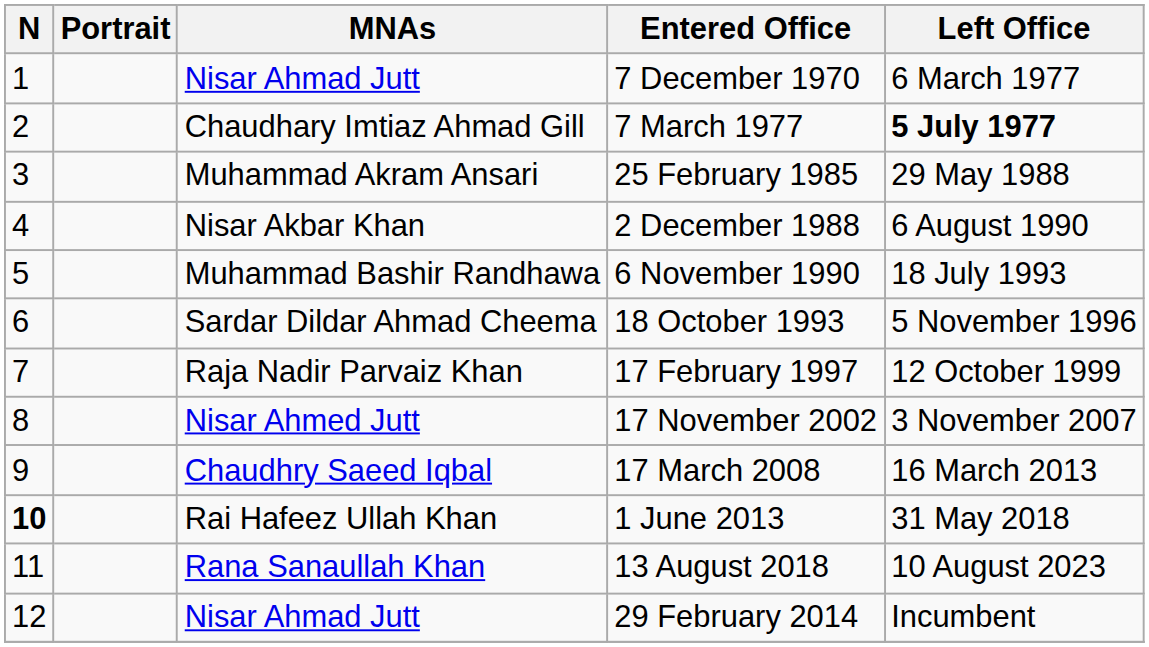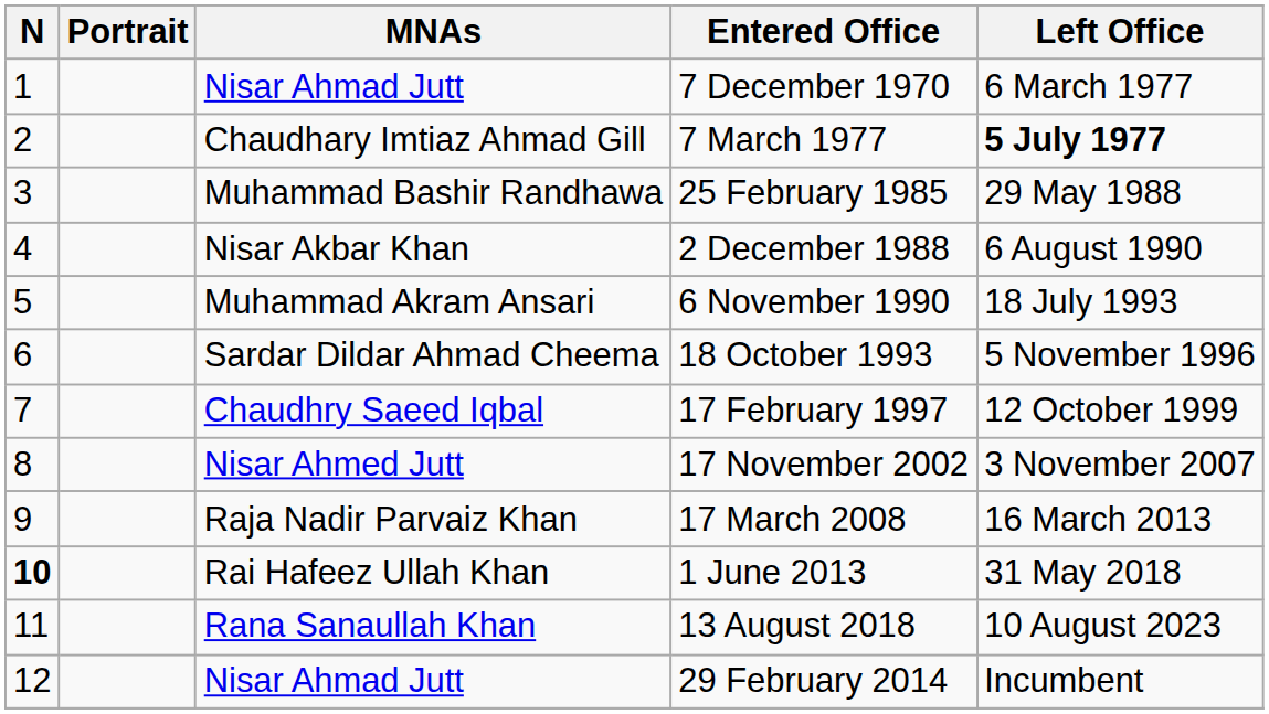 <table class="wikitable">
 <tr>
 <th>N</th>
 <th>Portrait</th>
 <th align=center>MNAs</th>
 <th align=center>Entered Office</th>
 <th align=center>Left Office</th>
 </tr>
 <tr>
 <td>1</td>
 <td></td>
 <td><a href='#'>Nisar Ahmad Jutt</a></td>
 <td>7 December 1970</td>
 <td>6 March 1977</td>
 </tr>
 <tr>
 <td>2</td>
 <td></td>
 <td>Chaudhary Imtiaz Ahmad Gill</td>
 <td>7 March 1977</td>
 <td><strong>5 July 1977</strong></td>
 </tr>
 <tr>
 <td>3</td>
 <td></td>
-<td>Muhammad Akram Ansari</td>
+<td>Muhammad Bashir Randhawa</td>
 <td>25 February 1985</td>
 <td>29 May 1988</td>
 </tr>
 <tr>
 <td>4</td>
 <td></td>
 <td>Nisar Akbar Khan</td>
 <td>2 December 1988</td>
 <td>6 August 1990</td>
 </tr>
 <tr>
 <td>5</td>
 <td></td>
-<td>Muhammad Bashir Randhawa</td>
+<td>Muhammad Akram Ansari</td>
 <td>6 November 1990</td>
 <td>18 July 1993</td>
 </tr>
 <tr>
 <td>6</td>
 <td></td>
 <td>Sardar Dildar Ahmad Cheema</td>
 <td>18 October 1993</td>
 <td>5 November 1996</td>
 </tr>
 <tr>
 <td>7</td>
 <td></td>
-<td>Raja Nadir Parvaiz Khan</td>
+<td><a href='#'>Chaudhry Saeed Iqbal</a></td>
 <td>17 February 1997</td>
 <td>12 October 1999</td>
 </tr>
 <tr>
 <td>8</td>
 <td></td>
 <td><a href='#'>Nisar Ahmed Jutt</a></td>
 <td>17 November 2002</td>
 <td>3 November 2007</td>
 </tr>
 <tr>
 <td>9</td>
 <td></td>
-<td><a href='#'>Chaudhry Saeed Iqbal</a></td>
+<td>Raja Nadir Parvaiz Khan</td>
 <td>17 March 2008</td>
 <td>16 March 2013</td>
 </tr>
 <tr>
 <td><strong>10</strong></td>
 <td></td>
 <td>Rai Hafeez Ullah Khan</td>
 <td>1 June 2013</td>
 <td>31 May 2018</td>
 </tr>
 <tr>
 <td>11</td>
 <td></td>
 <td><a href='#'>Rana Sanaullah Khan</a></td>
 <td>13 August 2018</td>
 <td>10 August 2023</td>
 </tr>
 <tr>
 <td>12</td>
 <td></td>
 <td><a href='#'>Nisar Ahmad Jutt</a></td>
 <td>29 February 2014</td>
 <td>Incumbent</td>
 </tr>
 <tr>
 </tr>
 </table>
